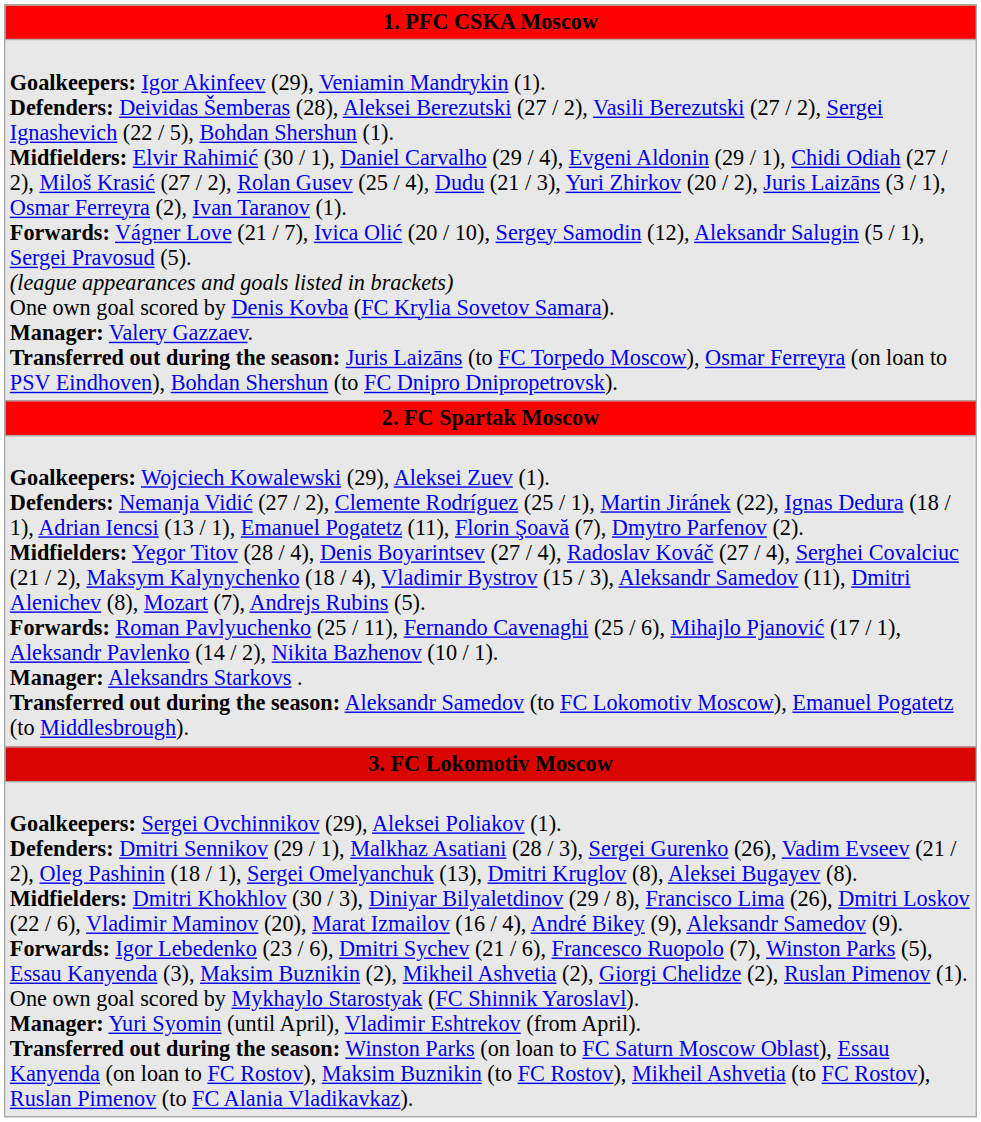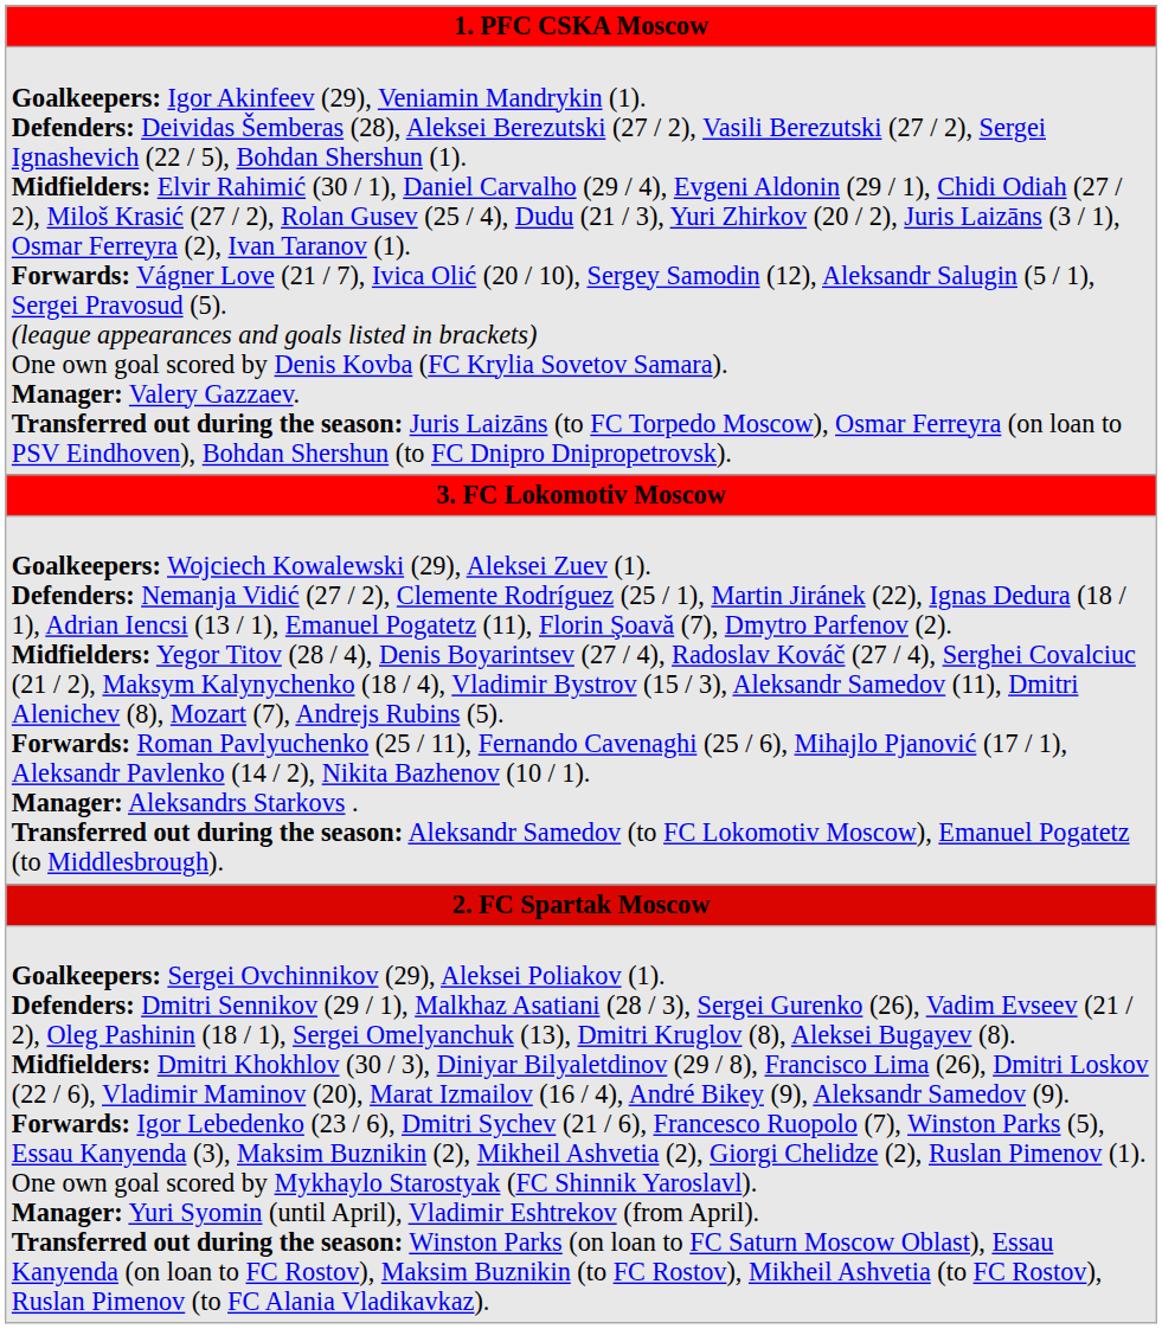 <table class="wikitable" Width="700">
 <tr bgcolor="#FF0000">
 <td align="center" width="700"><span> <strong>1. PFC CSKA Moscow</strong> </span></td>
 </tr>
 <tr bgcolor="#E8E8E8">
 <td align="left" width="700"><br><strong>Goalkeepers:</strong> <a href='#'>Igor Akinfeev</a> (29), <a href='#'>Veniamin Mandrykin</a> (1).<br> <strong>Defenders:</strong> <a href='#'>Deividas Šemberas</a>  (28), <a href='#'>Aleksei Berezutski</a> (27 / 2), <a href='#'>Vasili Berezutski</a> (27 / 2), <a href='#'>Sergei Ignashevich</a> (22 / 5), <a href='#'>Bohdan Shershun</a>  (1).<br> <strong>Midfielders:</strong> <a href='#'>Elvir Rahimić</a>  (30 / 1), <a href='#'>Daniel Carvalho</a>  (29 / 4), <a href='#'>Evgeni Aldonin</a> (29 / 1), <a href='#'>Chidi Odiah</a>  (27 / 2), <a href='#'>Miloš Krasić</a>  (27 / 2), <a href='#'>Rolan Gusev</a> (25 / 4), <a href='#'>Dudu</a>  (21 / 3), <a href='#'>Yuri Zhirkov</a> (20 / 2), <a href='#'>Juris Laizāns</a>  (3 / 1), <a href='#'>Osmar Ferreyra</a>  (2), <a href='#'>Ivan Taranov</a> (1).<br> <strong>Forwards:</strong> <a href='#'>Vágner Love</a>  (21 / 7), <a href='#'>Ivica Olić</a>  (20 / 10), <a href='#'>Sergey Samodin</a> (12), <a href='#'>Aleksandr Salugin</a> (5 / 1), <a href='#'>Sergei Pravosud</a> (5).<br><em>(league appearances and goals listed in brackets)</em><br>One own goal scored by <a href='#'>Denis Kovba</a>  (<a href='#'>FC Krylia Sovetov Samara</a>).<br><strong>Manager:</strong> <a href='#'>Valery Gazzaev</a>.<br><strong>Transferred out during the season:</strong> <a href='#'>Juris Laizāns</a>  (to <a href='#'>FC Torpedo Moscow</a>), <a href='#'>Osmar Ferreyra</a>  (on loan to  <a href='#'>PSV Eindhoven</a>), <a href='#'>Bohdan Shershun</a>  (to  <a href='#'>FC Dnipro Dnipropetrovsk</a>).</td>
 </tr>
 <tr bgcolor="#FF0000">
-<td align="center" width="700"><span> <strong>2. FC Spartak Moscow</strong> </span></td>
+<td align="center" width="700"><span> <strong>3. FC Lokomotiv Moscow</strong> </span></td>
 </tr>
 <tr bgcolor="#E8E8E8">
 <td align="left" width="700"><br><strong>Goalkeepers:</strong> <a href='#'>Wojciech Kowalewski</a>  (29), <a href='#'>Aleksei Zuev</a> (1).<br> <strong>Defenders:</strong> <a href='#'>Nemanja Vidić</a>  (27 / 2), <a href='#'>Clemente Rodríguez</a>  (25 / 1), <a href='#'>Martin Jiránek</a>  (22), <a href='#'>Ignas Dedura</a>  (18 / 1), <a href='#'>Adrian Iencsi</a>  (13 / 1), <a href='#'>Emanuel Pogatetz</a>  (11), <a href='#'>Florin Şoavă</a>  (7), <a href='#'>Dmytro Parfenov</a>  (2).<br> <strong>Midfielders:</strong> <a href='#'>Yegor Titov</a> (28 / 4), <a href='#'>Denis Boyarintsev</a> (27 / 4), <a href='#'>Radoslav Kováč</a>  (27 / 4), <a href='#'>Serghei Covalciuc</a>  (21 / 2), <a href='#'>Maksym Kalynychenko</a>  (18 / 4), <a href='#'>Vladimir Bystrov</a> (15 / 3), <a href='#'>Aleksandr Samedov</a> (11), <a href='#'>Dmitri Alenichev</a> (8), <a href='#'>Mozart</a>  (7), <a href='#'>Andrejs Rubins</a>  (5).<br> <strong>Forwards:</strong> <a href='#'>Roman Pavlyuchenko</a> (25 / 11), <a href='#'>Fernando Cavenaghi</a>  (25 / 6), <a href='#'>Mihajlo Pjanović</a>  (17 / 1), <a href='#'>Aleksandr Pavlenko</a> (14 / 2), <a href='#'>Nikita Bazhenov</a> (10 / 1).<br><strong>Manager:</strong> <a href='#'>Aleksandrs Starkovs</a> .<br><strong>Transferred out during the season:</strong> <a href='#'>Aleksandr Samedov</a> (to <a href='#'>FC Lokomotiv Moscow</a>), <a href='#'>Emanuel Pogatetz</a>  (to  <a href='#'>Middlesbrough</a>).</td>
 </tr>
 <tr bgcolor="#DB0500">
-<td align="center" width="700"><span> <strong>3. FC Lokomotiv Moscow</strong> </span></td>
+<td align="center" width="700"><span> <strong>2. FC Spartak Moscow</strong> </span></td>
 </tr>
 <tr bgcolor="#E8E8E8">
 <td align="left" width="700"><br><strong>Goalkeepers:</strong> <a href='#'>Sergei Ovchinnikov</a> (29), <a href='#'>Aleksei Poliakov</a>  (1).<br> <strong>Defenders:</strong> <a href='#'>Dmitri Sennikov</a> (29 / 1), <a href='#'>Malkhaz Asatiani</a>  (28 / 3), <a href='#'>Sergei Gurenko</a>  (26), <a href='#'>Vadim Evseev</a> (21 / 2), <a href='#'>Oleg Pashinin</a>  (18 / 1), <a href='#'>Sergei Omelyanchuk</a>  (13), <a href='#'>Dmitri Kruglov</a>  (8), <a href='#'>Aleksei Bugayev</a> (8).<br> <strong>Midfielders:</strong> <a href='#'>Dmitri Khokhlov</a> (30 / 3), <a href='#'>Diniyar Bilyaletdinov</a> (29 / 8), <a href='#'>Francisco Lima</a>  (26), <a href='#'>Dmitri Loskov</a> (22 / 6), <a href='#'>Vladimir Maminov</a> (20), <a href='#'>Marat Izmailov</a> (16 / 4), <a href='#'>André Bikey</a>  (9), <a href='#'>Aleksandr Samedov</a> (9).<br> <strong>Forwards:</strong> <a href='#'>Igor Lebedenko</a> (23 / 6), <a href='#'>Dmitri Sychev</a> (21 / 6), <a href='#'>Francesco Ruopolo</a>  (7), <a href='#'>Winston Parks</a>  (5), <a href='#'>Essau Kanyenda</a>  (3), <a href='#'>Maksim Buznikin</a> (2), <a href='#'>Mikheil Ashvetia</a>  (2), <a href='#'>Giorgi Chelidze</a>  (2), <a href='#'>Ruslan Pimenov</a> (1).<br>One own goal scored by <a href='#'>Mykhaylo Starostyak</a>  (<a href='#'>FC Shinnik Yaroslavl</a>).<br><strong>Manager:</strong> <a href='#'>Yuri Syomin</a> (until April), <a href='#'>Vladimir Eshtrekov</a> (from April).<br><strong>Transferred out during the season:</strong> <a href='#'>Winston Parks</a>  (on loan to <a href='#'>FC Saturn Moscow Oblast</a>), <a href='#'>Essau Kanyenda</a>  (on loan to <a href='#'>FC Rostov</a>), <a href='#'>Maksim Buznikin</a> (to <a href='#'>FC Rostov</a>), <a href='#'>Mikheil Ashvetia</a>  (to <a href='#'>FC Rostov</a>), <a href='#'>Ruslan Pimenov</a> (to <a href='#'>FC Alania Vladikavkaz</a>).</td>
 </tr>
 </table>
